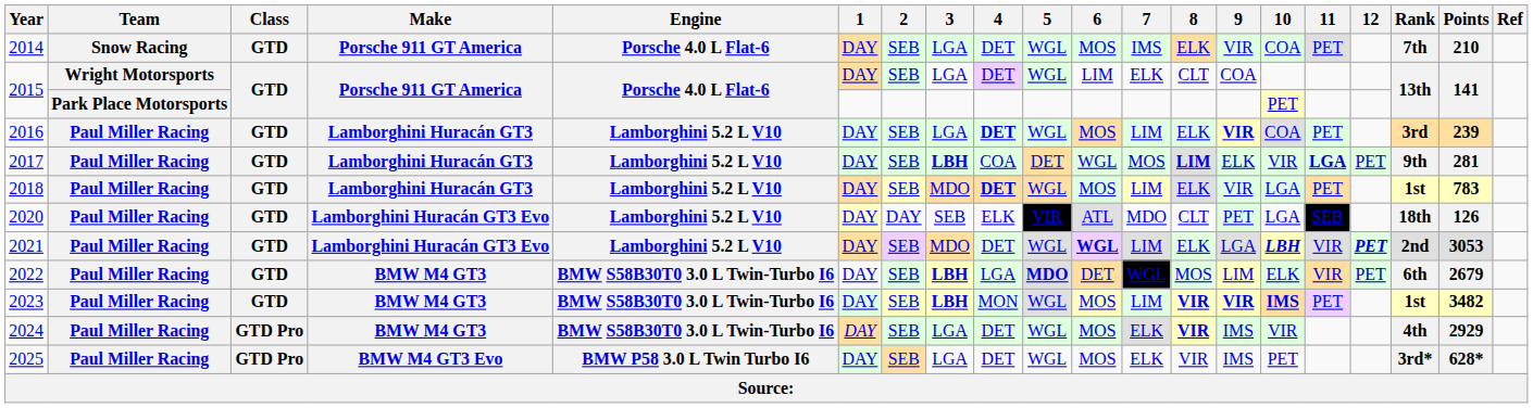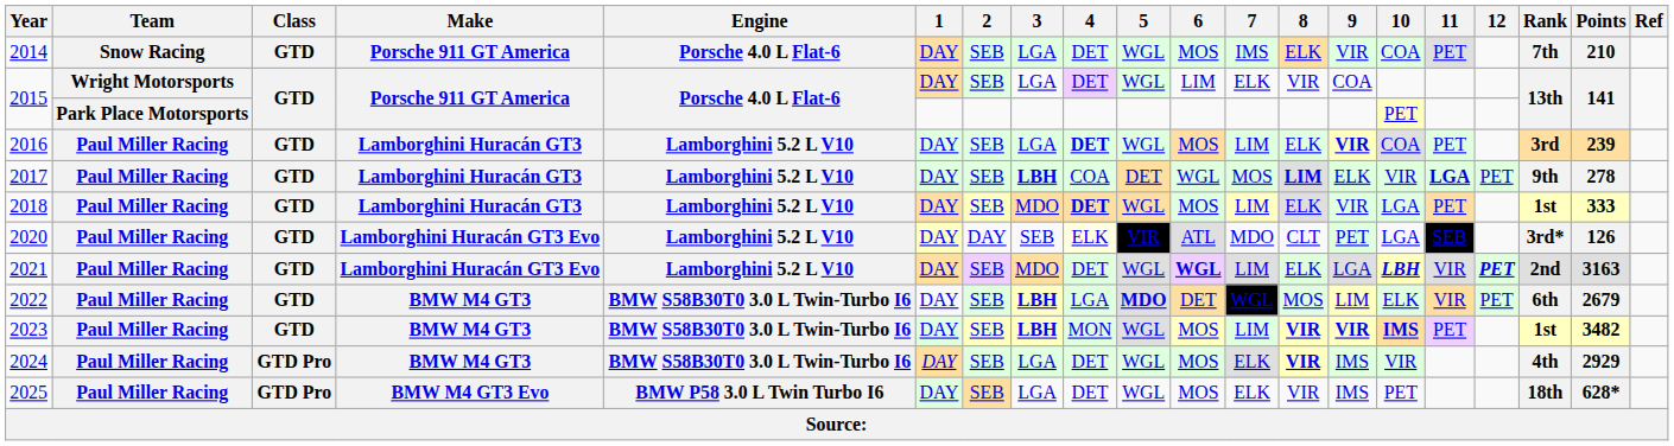 <table class="wikitable" style="text-align:center; font-size:90%">
 <tr>
 <th>Year</th>
 <th>Team</th>
 <th>Class</th>
 <th>Make</th>
 <th>Engine</th>
 <th>1</th>
 <th>2</th>
 <th>3</th>
 <th>4</th>
 <th>5</th>
 <th>6</th>
 <th>7</th>
 <th>8</th>
 <th>9</th>
 <th>10</th>
 <th>11</th>
 <th>12</th>
 <th>Rank</th>
 <th>Points</th>
 <th>Ref</th>
 </tr>
 <tr>
 <td><a href='#'>2014</a></td>
 <th>Snow Racing</th>
 <th>GTD</th>
 <th><a href='#'>Porsche 911 GT America</a></th>
 <th><a href='#'>Porsche</a> 4.0 L <a href='#'>Flat-6</a></th>
 <td style="background:#ffdf9f;"><a href='#'>DAY</a><br></td>
 <td style="background:#dfffdf;"><a href='#'>SEB</a><br></td>
 <td style="background:#dfffdf;"><a href='#'>LGA</a><br></td>
 <td style="background:#dfffdf;"><a href='#'>DET</a><br></td>
 <td style="background:#dfffdf;"><a href='#'>WGL</a><br></td>
 <td style="background:#dfffdf;"><a href='#'>MOS</a><br></td>
 <td style="background:#dfffdf;"><a href='#'>IMS</a><br></td>
 <td style="background:#ffdf9f;"><a href='#'>ELK</a><br></td>
 <td style="background:#dfffdf;"><a href='#'>VIR</a><br></td>
 <td style="background:#dfffdf;"><a href='#'>COA</a><br></td>
 <td style="background:#dfdfdf;"><a href='#'>PET</a><br></td>
 <td></td>
 <th>7th</th>
 <th>210</th>
 <td></td>
 </tr>
 <tr>
 <td rowspan=2><a href='#'>2015</a></td>
 <th>Wright Motorsports</th>
 <th rowspan=2>GTD</th>
 <th rowspan=2><a href='#'>Porsche 911 GT America</a></th>
 <th rowspan=2><a href='#'>Porsche</a> 4.0 L <a href='#'>Flat-6</a></th>
 <td style="background:#ffdf9f;"><a href='#'>DAY</a><br></td>
 <td style="background:#dfffdf;"><a href='#'>SEB</a><br></td>
 <td><a href='#'>LGA</a></td>
 <td style="background:#efcfff;"><a href='#'>DET</a><br></td>
 <td style="background:#dfffdf;"><a href='#'>WGL</a><br></td>
 <td><a href='#'>LIM</a></td>
 <td><a href='#'>ELK</a></td>
-<td><a href='#'>CLT</a></td>
+<td><a href='#'>VIR</a></td>
 <td><a href='#'>COA</a></td>
 <td></td>
 <td></td>
 <td></td>
 <th rowspan=2>13th</th>
 <th rowspan=2>141</th>
 <td rowspan="2"></td>
 </tr>
 <tr>
 <th>Park Place Motorsports</th>
 <td></td>
 <td></td>
 <td></td>
 <td></td>
 <td></td>
 <td></td>
 <td></td>
 <td></td>
 <td></td>
 <td style="background:#ffffbf;"><a href='#'>PET</a><br></td>
 <td></td>
 <td></td>
 </tr>
 <tr>
 <td><a href='#'>2016</a></td>
 <th><a href='#'>Paul Miller Racing</a></th>
 <th>GTD</th>
 <th><a href='#'>Lamborghini Huracán GT3</a></th>
 <th><a href='#'>Lamborghini</a> 5.2 L <a href='#'>V10</a></th>
 <td style="background:#dfffdf;"><a href='#'>DAY</a><br></td>
 <td style="background:#dfffdf;"><a href='#'>SEB</a><br></td>
 <td style="background:#dfffdf;"><a href='#'>LGA</a><br></td>
 <td style="background:#dfffdf;"><strong><a href='#'>DET</a></strong><br></td>
 <td style="background:#dfffdf;"><a href='#'>WGL</a><br></td>
 <td style="background:#ffdf9f;"><a href='#'>MOS</a><br></td>
 <td style="background:#dfffdf;"><a href='#'>LIM</a><br></td>
 <td style="background:#dfffdf;"><a href='#'>ELK</a><br></td>
 <td style="background:#ffffbf;"><strong><a href='#'>VIR</a></strong><br></td>
 <td style="background:#dfdfdf;"><a href='#'>COA</a><br></td>
 <td style="background:#dfffdf;"><a href='#'>PET</a><br></td>
 <td></td>
 <th style="background:#ffdf9f;">3rd</th>
 <th style="background:#ffdf9f;">239</th>
 <td></td>
 </tr>
 <tr>
 <td><a href='#'>2017</a></td>
 <th><a href='#'>Paul Miller Racing</a></th>
 <th>GTD</th>
 <th><a href='#'>Lamborghini Huracán GT3</a></th>
 <th><a href='#'>Lamborghini</a> 5.2 L <a href='#'>V10</a></th>
 <td style="background:#dfffdf;"><a href='#'>DAY</a><br></td>
 <td style="background:#dfffdf;"><a href='#'>SEB</a><br></td>
 <td style="background:#dfffdf;"><strong><a href='#'>LBH</a></strong><br></td>
 <td style="background:#dfffdf;"><a href='#'>COA</a><br></td>
 <td style="background:#ffdf9f;"><a href='#'>DET</a><br></td>
 <td style="background:#dfffdf;"><a href='#'>WGL</a><br></td>
 <td style="background:#dfffdf;"><a href='#'>MOS</a><br></td>
 <td style="background:#dfdfdf;"><strong><a href='#'>LIM</a></strong><br></td>
 <td style="background:#dfffdf;"><a href='#'>ELK</a><br></td>
 <td style="background:#dfffdf;"><a href='#'>VIR</a><br></td>
 <td style="background:#dfffdf;"><strong><a href='#'>LGA</a></strong><br></td>
 <td style="background:#dfffdf;"><a href='#'>PET</a><br></td>
 <th>9th</th>
-<th>281</th>
+<th>278</th>
 <td></td>
 </tr>
 <tr>
 <td><a href='#'>2018</a></td>
 <th><a href='#'>Paul Miller Racing</a></th>
 <th>GTD</th>
 <th><a href='#'>Lamborghini Huracán GT3</a></th>
 <th><a href='#'>Lamborghini</a> 5.2 L <a href='#'>V10</a></th>
 <td style="background:#ffdf9f;"><a href='#'>DAY</a><br></td>
 <td style="background:#ffffbf;"><a href='#'>SEB</a><br></td>
 <td style="background:#ffdf9f;"><a href='#'>MDO</a><br></td>
 <td style="background:#ffdf9f;"><strong><a href='#'>DET</a></strong><br></td>
 <td style="background:#ffdf9f;"><a href='#'>WGL</a><br></td>
 <td style="background:#dfffdf;"><a href='#'>MOS</a><br></td>
 <td style="background:#ffffbf;"><a href='#'>LIM</a><br></td>
 <td style="background:#dfdfdf;"><a href='#'>ELK</a><br></td>
 <td style="background:#dfffdf;"><a href='#'>VIR</a><br></td>
 <td style="background:#dfffdf;"><a href='#'>LGA</a><br></td>
 <td style="background:#ffdf9f;"><a href='#'>PET</a><br></td>
 <td></td>
 <th style="background:#ffffbf;">1st</th>
-<th style="background:#ffffbf;">783</th>
+<th style="background:#ffffbf;">333</th>
 <td></td>
 </tr>
 <tr>
 <td><a href='#'>2020</a></td>
 <th><a href='#'>Paul Miller Racing</a></th>
 <th>GTD</th>
 <th><a href='#'>Lamborghini Huracán GT3 Evo</a></th>
 <th><a href='#'>Lamborghini</a> 5.2 L <a href='#'>V10</a></th>
 <td style="background:#ffffbf;"><a href='#'>DAY</a><br></td>
 <td><a href='#'>DAY</a></td>
 <td><a href='#'>SEB</a></td>
-<td><a href='#'>ELK</a></td>
+<td style="background: lightyellow;"><a href='#'>ELK</a></td>
 <td style="background:#000000;color:white"><span><a href='#'>VIR</a></span><br></td>
 <td style="background:#dfdfdf;"><a href='#'>ATL</a><br></td>
 <td><a href='#'>MDO</a></td>
 <td><a href='#'>CLT</a></td>
 <td style="background:#dfffdf;"><a href='#'>PET</a><br></td>
 <td><a href='#'>LGA</a></td>
 <td style="background:#000000;color:white"><a href='#'><span>SEB</span></a><br></td>
 <td></td>
-<th>18th</th>
+<th>3rd*</th>
 <th>126</th>
 <td></td>
 </tr>
 <tr>
 <td><a href='#'>2021</a></td>
 <th><a href='#'>Paul Miller Racing</a></th>
 <th>GTD</th>
 <th><a href='#'>Lamborghini Huracán GT3 Evo</a></th>
 <th><a href='#'>Lamborghini</a> 5.2 L <a href='#'>V10</a></th>
 <td style="background:#ffdf9f;"><a href='#'>DAY</a><br></td>
 <td style="background:#efcfff;"><a href='#'>SEB</a><br></td>
 <td style="background:#ffdf9f;"><a href='#'>MDO</a><br></td>
 <td style="background:#dfffdf;"><a href='#'>DET</a><br></td>
 <td style="background:#dfdfdf;"><a href='#'>WGL</a><br></td>
 <td style="background:#efcfff;"><strong><a href='#'>WGL</a></strong><br></td>
 <td style="background:#dfdfdf;"><a href='#'>LIM</a><br></td>
 <td style="background:#dfffdf;"><a href='#'>ELK</a><br></td>
 <td style="background:#dfdfdf;"><a href='#'>LGA</a><br></td>
 <td style="background:#ffffbf;"><strong><em><a href='#'>LBH</a></em></strong><br></td>
 <td style="background:#dfdfdf;"><a href='#'>VIR</a><br></td>
 <td style="background:#dfffdf;"><strong><em><a href='#'>PET</a></em></strong><br></td>
 <th style="background:#dfdfdf;">2nd</th>
-<th style="background:#dfdfdf;">3053</th>
+<th style="background:#dfdfdf;">3163</th>
 <td></td>
 </tr>
 <tr>
 <td><a href='#'>2022</a></td>
 <th><a href='#'>Paul Miller Racing</a></th>
 <th>GTD</th>
 <th><a href='#'>BMW M4 GT3</a></th>
 <th><a href='#'>BMW</a> <a href='#'>S58B30T0</a> 3.0 L Twin-Turbo <a href='#'>I6</a></th>
 <td style="background:"><a href='#'>DAY</a><br></td>
 <td style="background:#DFFFDF;"><a href='#'>SEB</a><br></td>
 <td style="background:#FFFFBF;"><strong><a href='#'>LBH</a></strong><br></td>
 <td style="background:#DFFFDF;"><a href='#'>LGA</a><br></td>
 <td style="background:#DFDFDF;"><strong><a href='#'>MDO</a></strong><br></td>
 <td style="background:#FFDF9F;"><a href='#'>DET</a><br></td>
 <td style="background:#000000;color:white"><a href='#'>WGL</a><br></td>
 <td style="background:#DFFFDF;"><a href='#'>MOS</a><br></td>
 <td style="background:#ffffbf;"><a href='#'>LIM</a><br></td>
 <td style="background:#dfffdf;"><a href='#'>ELK</a><br></td>
 <td style="background:#ffdf9f;"><a href='#'>VIR</a><br></td>
 <td style="background:#dfffdf;"><a href='#'>PET</a><br></td>
 <th>6th</th>
 <th>2679</th>
 <td></td>
 </tr>
 <tr>
 <td><a href='#'>2023</a></td>
 <th><a href='#'>Paul Miller Racing</a></th>
 <th>GTD</th>
 <th><a href='#'>BMW M4 GT3</a></th>
 <th><a href='#'>BMW</a> <a href='#'>S58B30T0</a> 3.0 L Twin-Turbo <a href='#'>I6</a></th>
 <td style="background:#DFFFDF;"><a href='#'>DAY</a><br></td>
 <td style="background:#FFFFBF;"><a href='#'>SEB</a><br></td>
 <td style="background:#FFFFBF;"><strong><a href='#'>LBH</a><br></strong></td>
 <td style="background:#dfffdf;"><a href='#'>MON</a><br></td>
 <td style="background:#DFDFDF;"><a href='#'>WGL</a><br></td>
 <td style="background:#FFFFBF;"><a href='#'>MOS</a><br></td>
 <td style="background:#DFFFDF;"><a href='#'>LIM</a><br></td>
 <td style="background:#ffffbf;"><strong><a href='#'>VIR</a></strong><br></td>
 <td style="background:#FFFFBF;"><strong><a href='#'>VIR</a></strong><br></td>
 <td style="background:#ffdf9f;"><strong><a href='#'>IMS</a></strong><br></td>
 <td style="background:#EFCFFF;"><a href='#'>PET</a><br></td>
 <td></td>
 <th style="background:#FFFFBF;”">1st</th>
 <th style="background:#FFFFBF;”">3482</th>
 <td></td>
 </tr>
 <tr>
 <td><a href='#'>2024</a></td>
 <th><a href='#'>Paul Miller Racing</a></th>
 <th>GTD Pro</th>
 <th><a href='#'>BMW M4 GT3</a></th>
 <th><a href='#'>BMW</a> <a href='#'>S58B30T0</a> 3.0 L Twin-Turbo <a href='#'>I6</a></th>
 <td style="background:#ffdf9f;"><em><a href='#'>DAY</a></em><br></td>
 <td style="background:#dfffdf;"><a href='#'>SEB</a><br></td>
 <td style="background:#dfffdf;"><a href='#'>LGA</a><br></td>
 <td style="background:#dfffdf;"><a href='#'>DET</a><br></td>
 <td style="background:#dfffdf;"><a href='#'>WGL</a><br></td>
 <td style="background:#dfffdf;"><a href='#'>MOS</a><br></td>
 <td style="background:#dfdfdf;"><a href='#'>ELK</a><br></td>
 <td style="background:#ffffbf;"><strong><a href='#'>VIR</a></strong><br></td>
 <td style="background:#dfffdf;"><a href='#'>IMS</a><br></td>
 <td style="background:#dfffdf;"><a href='#'>VIR</a><br></td>
 <td></td>
 <td></td>
 <th style="background:#;">4th</th>
 <th style="background:#;">2929</th>
 <td></td>
 </tr>
 <tr>
 <td><a href='#'>2025</a></td>
 <th><a href='#'>Paul Miller Racing</a></th>
 <th>GTD Pro</th>
 <th><a href='#'>BMW M4 GT3 Evo</a></th>
 <th><a href='#'>BMW P58</a> 3.0 L Twin Turbo I6</th>
 <td style="background:#DFFFDF;"><a href='#'>DAY</a><br></td>
 <td style="background:#FFDF9F;"><a href='#'>SEB</a><br></td>
 <td style="background:#;"><a href='#'>LGA</a><br></td>
 <td style="background:#;"><a href='#'>DET</a><br></td>
 <td style="background:#;"><a href='#'>WGL</a><br></td>
 <td style="background:#;"><a href='#'>MOS</a><br></td>
 <td style="background:#;"><a href='#'>ELK</a><br></td>
 <td style="background:#;"><a href='#'>VIR</a><br></td>
 <td style="background:#;"><a href='#'>IMS</a><br></td>
 <td style="background:#;"><a href='#'>PET</a><br></td>
 <td></td>
 <td></td>
-<th>3rd*</th>
+<th>18th</th>
 <th>628*</th>
 <td></td>
 </tr>
 <tr>
 <th colspan="20">Source:</th>
 </tr>
 </table>
